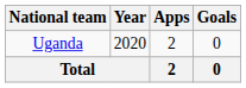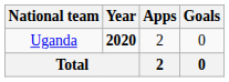 <table class=wikitable style=text-align:center>
 <tr>
 <th>National team</th>
 <th>Year</th>
 <th>Apps</th>
 <th>Goals</th>
 </tr>
 <tr>
 <td><a href='#'>Uganda</a></td>
-<td>2020</td>
+<td><strong>2020</strong></td>
 <td>2</td>
 <td>0</td>
 </tr>
 <tr>
 <th colspan=2>Total</th>
 <th>2</th>
 <th>0</th>
 </tr>
 </table>
